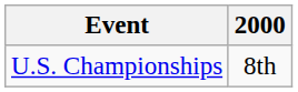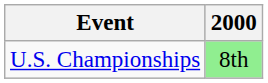 <table class="wikitable" style="text-align:center">
 <tr>
 <th>Event</th>
 <th>2000</th>
 </tr>
 <tr>
 <td align=left><a href='#'>U.S. Championships</a></td>
-<td>8th</td>
+<td style="background: lightgreen;">8th</td>
 </tr>
 </table>
